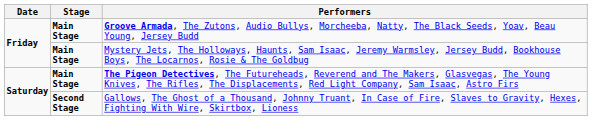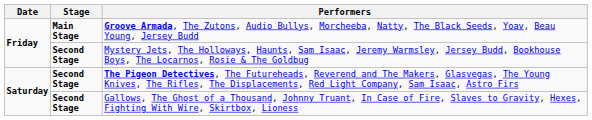 <table class="wikitable">
 <tr>
 <th><strong>Date</strong></th>
 <th><strong>Stage</strong></th>
 <th><strong>Performers</strong></th>
 </tr>
 <tr>
 <td rowspan="2"><strong>Friday</strong></td>
 <td><strong>Main Stage</strong></td>
 <td><strong><a href='#'>Groove Armada</a></strong>, <a href='#'>The Zutons</a>, <a href='#'>Audio Bullys</a>, <a href='#'>Morcheeba</a>, <a href='#'>Natty</a>, <a href='#'>The Black Seeds</a>, <a href='#'>Yoav</a>, <a href='#'>Beau Young</a>, <a href='#'>Jersey Budd</a></td>
 </tr>
 <tr>
-<td><strong>Main Stage</strong></td>
+<td><strong>Second Stage</strong></td>
 <td><a href='#'>Mystery Jets</a>, <a href='#'>The Holloways</a>, <a href='#'>Haunts</a>, <a href='#'>Sam Isaac</a>, <a href='#'>Jeremy Warmsley</a>, <a href='#'>Jersey Budd</a>, <a href='#'>Bookhouse Boys</a>, <a href='#'>The Locarnos</a>, <a href='#'>Rosie & The Goldbug</a></td>
 </tr>
 <tr>
 <td rowspan="2"><strong>Saturday</strong></td>
-<td><strong>Main Stage</strong></td>
+<td><strong>Second Stage</strong></td>
 <td><strong><a href='#'>The Pigeon Detectives</a></strong>, <a href='#'>The Futureheads</a>, <a href='#'>Reverend and The Makers</a>, <a href='#'>Glasvegas</a>, <a href='#'>The Young Knives</a>, <a href='#'>The Rifles</a>, <a href='#'>The Displacements</a>, <a href='#'>Red Light Company</a>, <a href='#'>Sam Isaac</a>, <a href='#'>Astro Firs</a></td>
 </tr>
 <tr>
 <td><strong>Second Stage</strong></td>
 <td><a href='#'>Gallows</a>, <a href='#'>The Ghost of a Thousand</a>, <a href='#'>Johnny Truant</a>, <a href='#'>In Case of Fire</a>, <a href='#'>Slaves to Gravity</a>, <a href='#'>Hexes</a>, <a href='#'>Fighting With Wire</a>, <a href='#'>Skirtbox</a>, <a href='#'>Lioness</a></td>
 </tr>
 </table>
